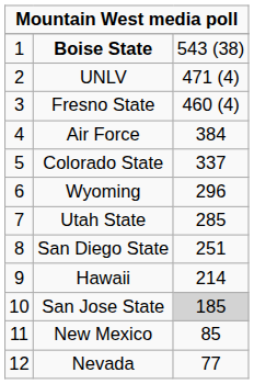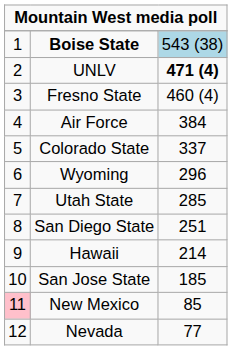 <table class="wikitable" style="display: inline-table;">
 <tr>
 <td align="center" Colspan="3"><strong>Mountain West media poll</strong></td>
 </tr>
 <tr align="center">
 </tr>
 <tr align="center">
 <td>1</td>
 <td><strong>Boise State</strong></td>
-<td>543 (38)</td>
+<td style="background: lightblue;">543 (38)</td>
 </tr>
 <tr align="center">
 <td>2</td>
 <td>UNLV</td>
-<td>471 (4)</td>
+<td><strong>471 (4)</strong></td>
 </tr>
 <tr align="center">
 <td>3</td>
 <td>Fresno State</td>
 <td>460 (4)</td>
 </tr>
 <tr align="center">
 <td>4</td>
 <td>Air Force</td>
 <td>384</td>
 </tr>
 <tr align="center">
 <td>5</td>
 <td>Colorado State</td>
 <td>337</td>
 </tr>
 <tr align="center">
 <td>6</td>
 <td>Wyoming</td>
 <td>296</td>
 </tr>
 <tr align="center">
 <td>7</td>
 <td>Utah State</td>
 <td>285</td>
 </tr>
 <tr align="center">
 <td>8</td>
 <td>San Diego State</td>
 <td>251</td>
 </tr>
 <tr align="center">
 <td>9</td>
 <td>Hawaii</td>
 <td>214</td>
 </tr>
 <tr align="center">
 <td>10</td>
 <td>San Jose State</td>
-<td style="background: lightgrey;">185</td>
+<td>185</td>
 </tr>
 <tr align="center">
-<td>11</td>
+<td style="background: pink;">11</td>
 <td>New Mexico</td>
 <td>85</td>
 </tr>
 <tr align="center">
 <td>12</td>
 <td>Nevada</td>
 <td>77</td>
 </tr>
 </table>
